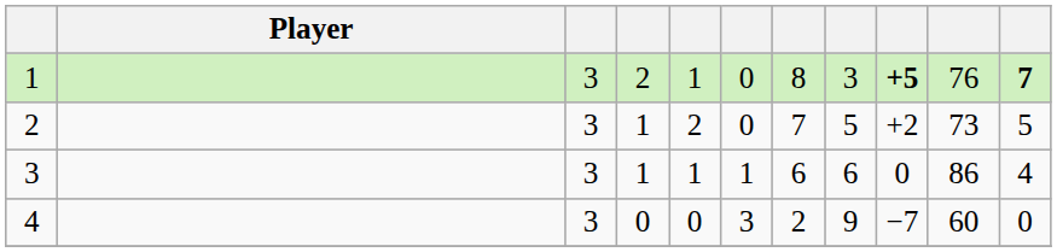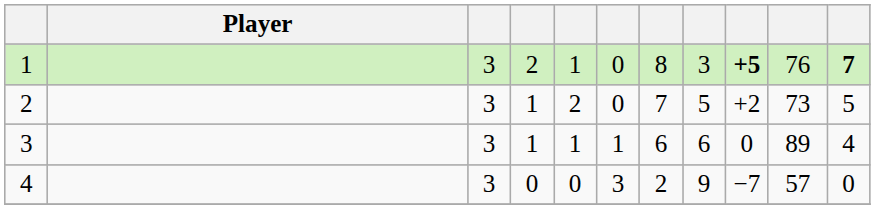 <table class="wikitable" style="text-align:center;">
 <tr>
 <th width=20></th>
 <th width=260>Player</th>
 <th width=20></th>
 <th width=20></th>
 <th width=20></th>
 <th width=20></th>
 <th width=20></th>
 <th width=20></th>
 <th width=20></th>
 <th width=30></th>
 <th width=20></th>
 </tr>
 <tr style="background:#D0F0C0;">
 <td>1</td>
 <td align=left> <small></small></td>
 <td>3</td>
 <td>2</td>
 <td>1</td>
 <td>0</td>
 <td>8</td>
 <td>3</td>
 <td><strong>+5</strong></td>
 <td>76</td>
 <td><strong>7</strong></td>
 </tr>
 <tr>
 <td>2</td>
 <td align=left> <small></small></td>
 <td>3</td>
 <td>1</td>
 <td>2</td>
 <td>0</td>
 <td>7</td>
 <td>5</td>
 <td>+2</td>
 <td>73</td>
 <td>5</td>
 </tr>
 <tr>
 <td>3</td>
 <td align=left> <small></small></td>
 <td>3</td>
 <td>1</td>
 <td>1</td>
 <td>1</td>
 <td>6</td>
 <td>6</td>
 <td>0</td>
-<td>86</td>
+<td>89</td>
 <td>4</td>
 </tr>
 <tr>
 <td>4</td>
 <td align=left> <small></small></td>
 <td>3</td>
 <td>0</td>
 <td>0</td>
 <td>3</td>
 <td>2</td>
 <td>9</td>
 <td>−7</td>
-<td>60</td>
+<td>57</td>
 <td>0</td>
 </tr>
 <tr>
 </tr>
 </table>
